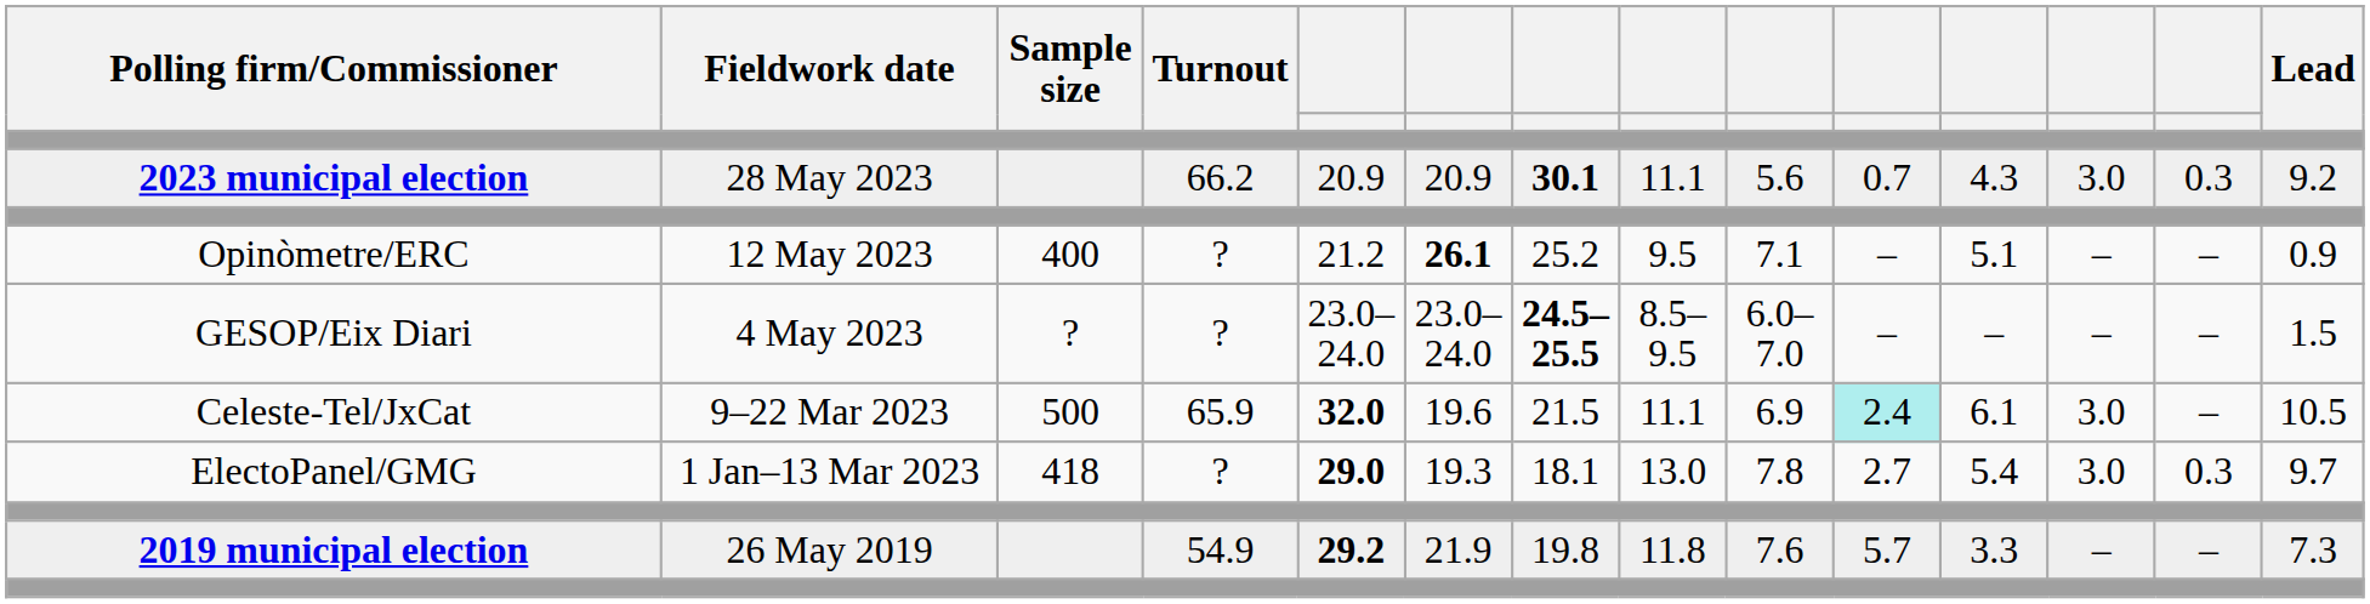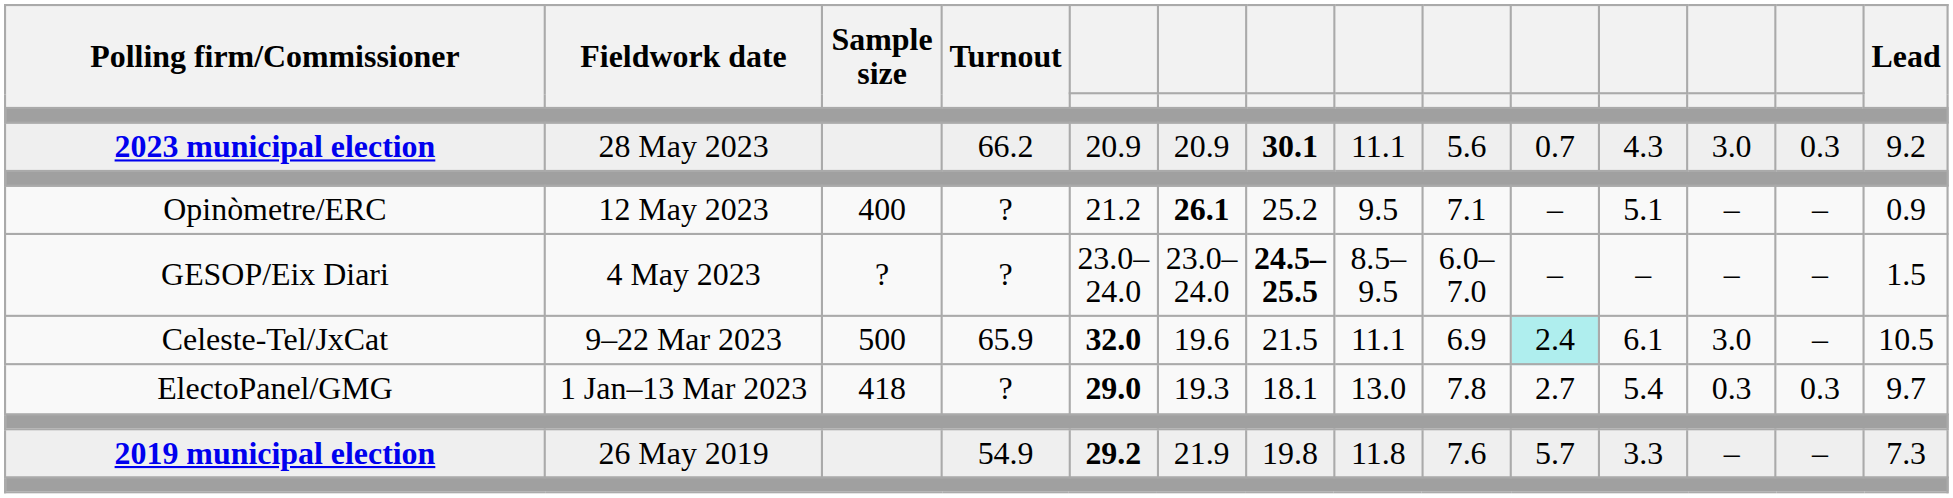 <table class="wikitable collapsible collapsed" style="text-align:center; font-size:95%; line-height:16px;">
 <tr style="height:42px;">
 <th style="width:250px;" rowspan="2">Polling firm/Commissioner</th>
 <th style="width:125px;" rowspan="2">Fieldwork date</th>
 <th style="width:50px;" rowspan="2">Sample size</th>
 <th style="width:45px;" rowspan="2">Turnout</th>
 <th style="width:35px;"><br></th>
 <th style="width:35px;"></th>
 <th style="width:35px;"></th>
 <th style="width:35px;"></th>
 <th style="width:35px;"></th>
 <th style="width:35px;"></th>
 <th style="width:35px;"></th>
 <th style="width:35px;"></th>
 <th style="width:35px;"></th>
 <th style="width:30px;" rowspan="2">Lead</th>
 </tr>
 <tr>
 <th style="color:inherit;background:"></th>
 <th style="color:inherit;background:"></th>
 <th style="color:inherit;background:"></th>
 <th style="color:inherit;background:"></th>
 <th style="color:inherit;background:"></th>
 <th style="color:inherit;background:"></th>
 <th style="color:inherit;background:"></th>
 <th style="color:inherit;background:"></th>
 <th style="color:inherit;background:"></th>
 </tr>
 <tr>
 <td colspan="14" style="background:#A0A0A0"></td>
 </tr>
 <tr style="background:#EFEFEF;">
 <td><strong><a href='#'>2023 municipal election</a></strong></td>
 <td>28 May 2023</td>
 <td></td>
 <td>66.2</td>
 <td>20.9<br></td>
 <td>20.9<br></td>
 <td><strong>30.1</strong><br></td>
 <td>11.1<br></td>
 <td>5.6<br></td>
 <td>0.7<br></td>
 <td>4.3<br></td>
 <td>3.0<br></td>
 <td>0.3<br></td>
 <td style="background:">9.2</td>
 </tr>
 <tr>
 <td colspan="14" style="background:#A0A0A0"></td>
 </tr>
 <tr>
 <td>Opinòmetre/ERC</td>
 <td>12 May 2023</td>
 <td>400</td>
 <td>?</td>
 <td>21.2<br></td>
 <td><strong>26.1</strong><br></td>
 <td>25.2<br></td>
 <td>9.5<br></td>
 <td>7.1<br></td>
 <td>–</td>
 <td>5.1<br></td>
 <td>–</td>
 <td>–</td>
 <td style="background:">0.9</td>
 </tr>
 <tr>
 <td>GESOP/Eix Diari</td>
 <td>4 May 2023</td>
 <td>?</td>
 <td>?</td>
 <td>23.0–<br>24.0<br></td>
 <td>23.0–<br>24.0<br></td>
 <td><strong>24.5–<br>25.5</strong><br></td>
 <td>8.5–<br>9.5<br></td>
 <td>6.0–<br>7.0<br></td>
 <td>–</td>
 <td>–</td>
 <td>–</td>
 <td>–</td>
 <td style="background:">1.5</td>
 </tr>
 <tr>
 <td>Celeste-Tel/JxCat</td>
 <td>9–22 Mar 2023</td>
 <td>500</td>
 <td>65.9</td>
 <td><strong>32.0</strong><br></td>
 <td>19.6<br></td>
 <td>21.5<br></td>
 <td>11.1<br></td>
 <td>6.9<br></td>
 <td style="background: paleturquoise;">2.4<br></td>
 <td>6.1<br></td>
 <td>3.0<br></td>
 <td>–</td>
 <td style="background:">10.5</td>
 </tr>
 <tr>
 <td>ElectoPanel/GMG</td>
 <td>1 Jan–13 Mar 2023</td>
 <td>418</td>
 <td>?</td>
 <td><strong>29.0</strong><br></td>
 <td>19.3<br></td>
 <td>18.1<br></td>
 <td>13.0<br></td>
 <td>7.8<br></td>
 <td>2.7<br></td>
 <td>5.4<br></td>
-<td>3.0<br></td>
+<td>0.3<br></td>
 <td>0.3<br></td>
 <td style="background:">9.7</td>
 </tr>
 <tr>
 <td colspan="14" style="background:#A0A0A0"></td>
 </tr>
 <tr style="background:#EFEFEF;">
 <td><strong><a href='#'>2019 municipal election</a></strong></td>
 <td>26 May 2019</td>
 <td></td>
 <td>54.9</td>
 <td><strong>29.2</strong><br></td>
 <td>21.9<br></td>
 <td>19.8<br></td>
 <td>11.8<br></td>
 <td>7.6<br></td>
 <td>5.7<br></td>
 <td>3.3<br></td>
 <td>–</td>
 <td>–</td>
 <td style="background:">7.3</td>
 </tr>
 <tr>
 <td colspan="14" style="background:#A0A0A0"></td>
 </tr>
 </table>
